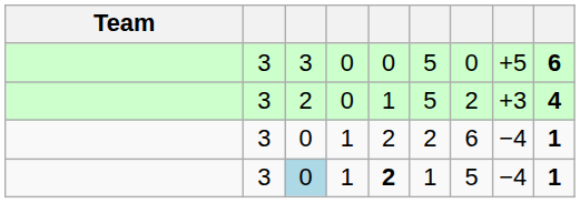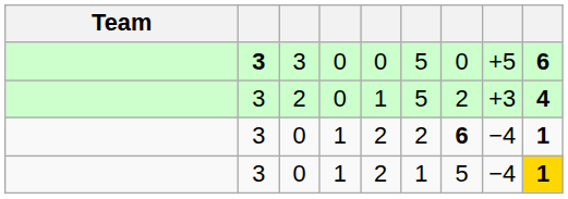 <table class="wikitable" style="text-align:center;">
 <tr>
 <th width=150>Team</th>
 <th width=20></th>
 <th width=20></th>
 <th width=20></th>
 <th width=20></th>
 <th width=20></th>
 <th width=20></th>
 <th width=20></th>
 <th width=20></th>
 </tr>
 <tr bgcolor="#ccffcc">
 <td align="left"></td>
-<td>3</td>
+<td><strong>3</strong></td>
 <td>3</td>
 <td>0</td>
 <td>0</td>
 <td>5</td>
 <td>0</td>
 <td>+5</td>
 <td><strong>6</strong></td>
 </tr>
 <tr bgcolor="#ccffcc">
 <td align="left"></td>
 <td>3</td>
 <td>2</td>
 <td>0</td>
 <td>1</td>
 <td>5</td>
 <td>2</td>
 <td>+3</td>
 <td><strong>4</strong></td>
 </tr>
 <tr>
 <td align="left"></td>
 <td>3</td>
 <td>0</td>
 <td>1</td>
 <td>2</td>
 <td>2</td>
-<td>6</td>
+<td><strong>6</strong></td>
 <td>−4</td>
 <td><strong>1</strong></td>
 </tr>
 <tr>
 <td align="left"></td>
 <td>3</td>
-<td style="background: lightblue;">0</td>
+<td>0</td>
 <td>1</td>
-<td><strong>2</strong></td>
+<td>2</td>
 <td>1</td>
 <td>5</td>
 <td>−4</td>
-<td><strong>1</strong></td>
+<td style="background: gold;"><strong>1</strong></td>
 </tr>
 </table>
